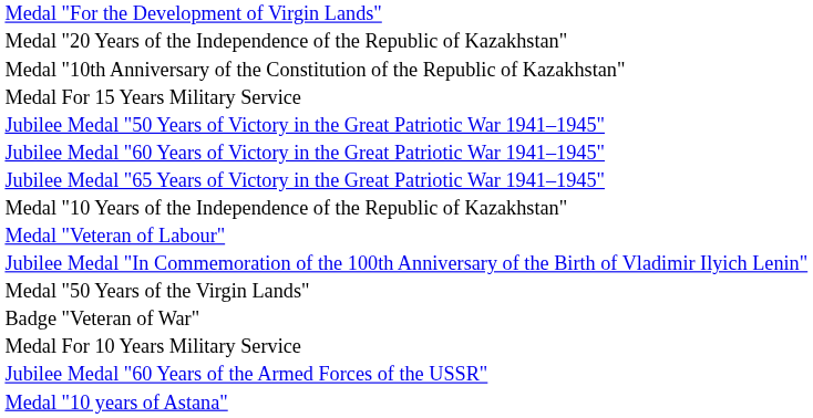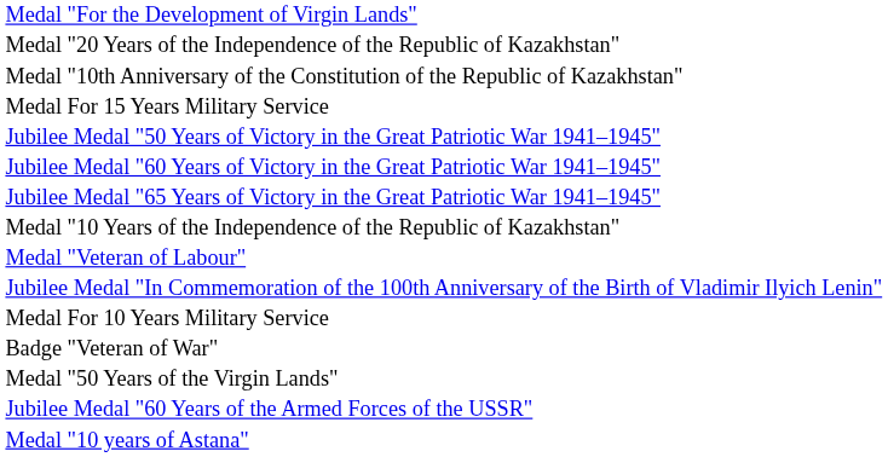 <table>
 <tr>
 <td> <a href='#'>Medal "For the Development of Virgin Lands"</a></td>
 </tr>
 <tr>
 <td> Medal "20 Years of the Independence of the Republic of Kazakhstan"</td>
 </tr>
 <tr>
 <td> Medal "10th Anniversary of the Constitution of the Republic of Kazakhstan"</td>
 </tr>
 <tr>
 <td> Medal For 15 Years Military Service</td>
 </tr>
 <tr>
 <td> <a href='#'>Jubilee Medal "50 Years of Victory in the Great Patriotic War 1941–1945"</a></td>
 </tr>
 <tr>
 <td> <a href='#'>Jubilee Medal "60 Years of Victory in the Great Patriotic War 1941–1945"</a></td>
 </tr>
 <tr>
 <td> <a href='#'>Jubilee Medal "65 Years of Victory in the Great Patriotic War 1941–1945"</a></td>
 </tr>
 <tr>
 <td> Medal "10 Years of the Independence of the Republic of Kazakhstan"</td>
 </tr>
 <tr>
 <td> <a href='#'>Medal "Veteran of Labour"</a></td>
 </tr>
 <tr>
 <td> <a href='#'>Jubilee Medal "In Commemoration of the 100th Anniversary of the Birth of Vladimir Ilyich Lenin"</a></td>
 </tr>
 <tr>
-<td> Medal "50 Years of the Virgin Lands"</td>
+<td> Medal For 10 Years Military Service</td>
 </tr>
 <tr>
 <td> Badge "Veteran of War"</td>
 </tr>
 <tr>
-<td> Medal For 10 Years Military Service</td>
+<td> Medal "50 Years of the Virgin Lands"</td>
 </tr>
 <tr>
 <td> <a href='#'>Jubilee Medal "60 Years of the Armed Forces of the USSR"</a></td>
 </tr>
 <tr>
 <td> <a href='#'>Medal "10 years of Astana"</a></td>
 </tr>
 </table>
